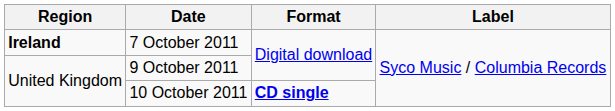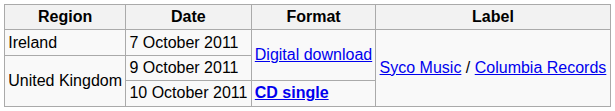 <table class="wikitable">
 <tr>
 <th scope="col">Region</th>
 <th scope="col">Date</th>
 <th scope="col">Format</th>
 <th scope="col">Label</th>
 </tr>
 <tr>
-<td><strong>Ireland</strong></td>
+<td>Ireland</td>
 <td>7 October 2011</td>
 <td rowspan=2><a href='#'>Digital download</a></td>
 <td rowspan=3><a href='#'>Syco Music</a> / <a href='#'>Columbia Records</a></td>
 </tr>
 <tr>
 <td rowspan=2>United Kingdom</td>
 <td>9 October 2011</td>
 </tr>
 <tr>
 <td>10 October 2011</td>
 <td><strong><a href='#'>CD single</a></strong></td>
 </tr>
 </table>
